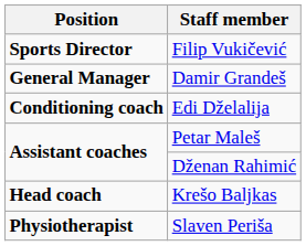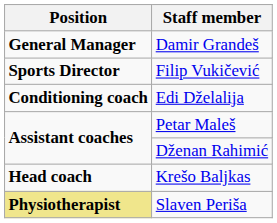 <table class="wikitable">
 <tr>
 <th>Position</th>
 <th>Staff member</th>
 </tr>
 <tr>
+<td><strong>General Manager</strong></td>
+<td> <a href='#'>Damir Grandeš</a></td>
+</tr>
+<tr>
 <td><strong>Sports Director</strong></td>
 <td> <a href='#'>Filip Vukičević</a></td>
-</tr>
-<tr>
-<td><strong>General Manager</strong></td>
-<td> <a href='#'>Damir Grandeš</a></td>
 </tr>
 <tr>
 <td><strong>Conditioning coach</strong></td>
 <td> <a href='#'>Edi Dželalija</a></td>
 </tr>
 <tr>
 <td rowspan=2><strong>Assistant coaches</strong></td>
 <td> <a href='#'>Petar Maleš</a></td>
 </tr>
 <tr>
 <td> <a href='#'>Dženan Rahimić</a></td>
 </tr>
 <tr>
 <td><strong>Head coach</strong></td>
 <td> <a href='#'>Krešo Baljkas</a></td>
 </tr>
 <tr>
-<td><strong>Physiotherapist</strong></td>
+<td style="background: khaki;"><strong>Physiotherapist</strong></td>
 <td> <a href='#'>Slaven Periša</a></td>
 </tr>
 </table>
